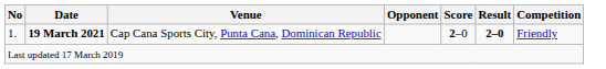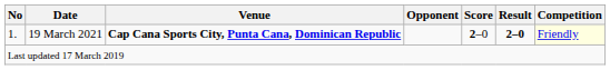 <table class="wikitable" style="font-size:85%;">
 <tr>
 <th>No</th>
 <th>Date</th>
 <th>Venue</th>
 <th>Opponent</th>
 <th>Score</th>
 <th>Result</th>
 <th>Competition</th>
 </tr>
 <tr>
 <td>1.</td>
-<td><strong>19 March 2021</strong></td>
-<td>Cap Cana Sports City, <a href='#'>Punta Cana</a>, <a href='#'>Dominican Republic</a></td>
+<td>19 March 2021</td>
+<td><strong>Cap Cana Sports City, <a href='#'>Punta Cana</a>, <a href='#'>Dominican Republic</a></strong></td>
 <td></td>
 <td align=center><strong>2</strong>–0</td>
 <td align=center><strong>2–0</strong></td>
-<td><a href='#'>Friendly</a></td>
+<td style="background: lightyellow;"><a href='#'>Friendly</a></td>
 </tr>
 <tr>
 <td colspan="7"><small>Last updated 17 March 2019</small></td>
 </tr>
 </table>
